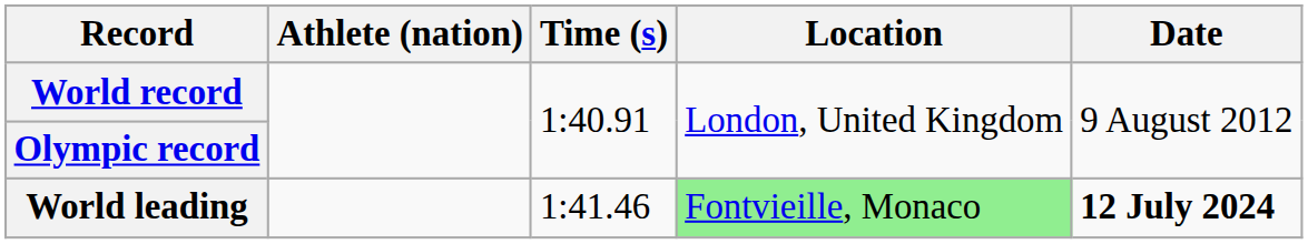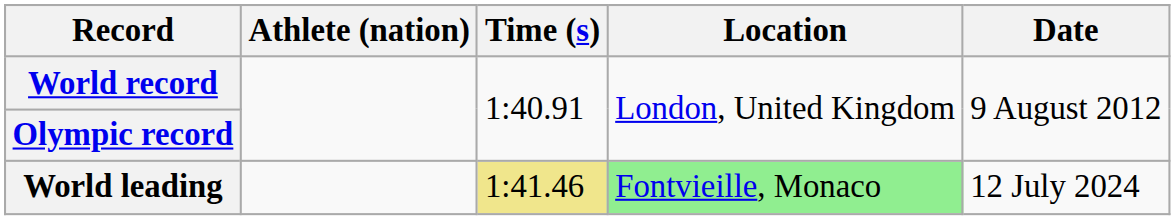 <table class="wikitable">
 <tr>
 <th scope="col">Record</th>
 <th scope="col">Athlete (nation)</th>
 <th scope="col">Time (<a href='#'>s</a>)</th>
 <th scope="col">Location</th>
 <th scope="col">Date</th>
 </tr>
 <tr>
 <th scope="row"><a href='#'>World record</a></th>
 <td rowspan="2"></td>
 <td rowspan="2">1:40.91</td>
 <td rowspan="2"><a href='#'>London</a>, United Kingdom</td>
 <td rowspan="2">9 August 2012</td>
 </tr>
 <tr>
 <th scope="row"><a href='#'>Olympic record</a></th>
 </tr>
 <tr>
 <th scope="row">World leading</th>
 <td></td>
-<td>1:41.46</td>
+<td style="background: khaki;">1:41.46</td>
 <td style="background: lightgreen;"><a href='#'>Fontvieille</a>, Monaco</td>
-<td><strong>12 July 2024</strong></td>
+<td>12 July 2024</td>
 </tr>
 </table>
